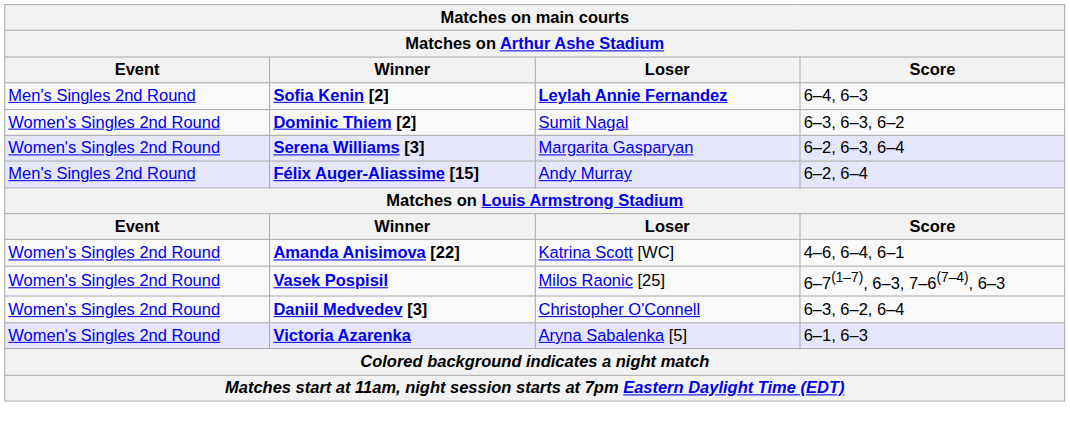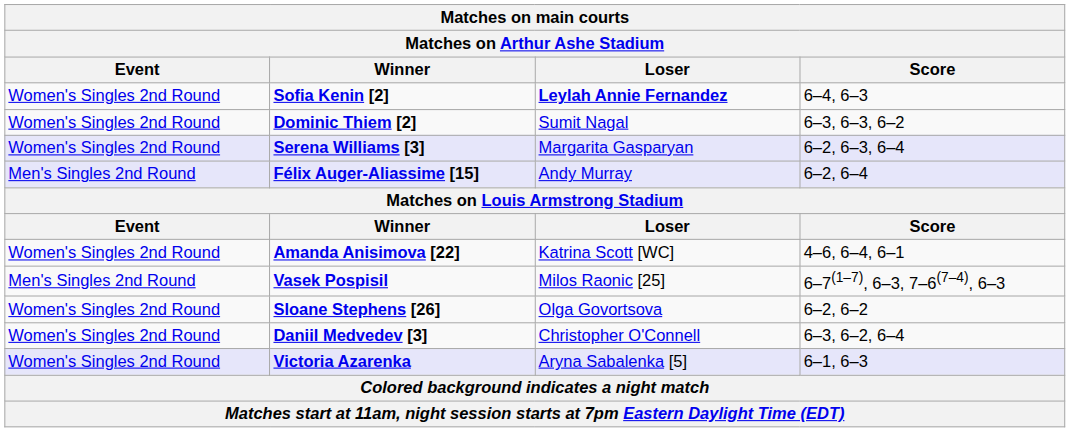 <table class="wikitable" style="margin:auto;">
 <tr>
 <th colspan="4" style="white-space:nowrap;">Matches on main courts</th>
 </tr>
 <tr>
 <th colspan="4"><strong>Matches on <a href='#'>Arthur Ashe Stadium</a></strong></th>
 </tr>
 <tr>
 <th width=250>Event</th>
 <th width=250>Winner</th>
 <th width=250>Loser</th>
 <th width=250>Score</th>
 </tr>
 <tr>
-<td><a href='#'>Men's Singles 2nd Round</a></td>
+<td><a href='#'>Women's Singles 2nd Round</a></td>
 <td><strong> <a href='#'>Sofia Kenin</a> [2]</strong></td>
 <td><strong> <a href='#'>Leylah Annie Fernandez</a></strong></td>
 <td>6–4, 6–3</td>
 </tr>
 <tr>
 <td><a href='#'>Women's Singles 2nd Round</a></td>
 <td><strong> <a href='#'>Dominic Thiem</a> [2]</strong></td>
 <td> <a href='#'>Sumit Nagal</a></td>
 <td>6–3, 6–3, 6–2</td>
 </tr>
 <tr bgcolor=lavender>
 <td><a href='#'>Women's Singles 2nd Round</a></td>
 <td><strong> <a href='#'>Serena Williams</a> [3]</strong></td>
 <td> <a href='#'>Margarita Gasparyan</a></td>
 <td>6–2, 6–3, 6–4</td>
 </tr>
 <tr bgcolor="lavender">
 <td><a href='#'>Men's Singles 2nd Round</a></td>
 <td><strong> <a href='#'>Félix Auger-Aliassime</a> [15]</strong></td>
 <td> <a href='#'>Andy Murray</a></td>
 <td>6–2, 6–4</td>
 </tr>
 <tr>
 <th colspan="4"><strong>Matches on <a href='#'>Louis Armstrong Stadium</a></strong></th>
 </tr>
 <tr>
 <th width=250>Event</th>
 <th width=250>Winner</th>
 <th width=250>Loser</th>
 <th width=250>Score</th>
 </tr>
 <tr>
 <td><a href='#'>Women's Singles 2nd Round</a></td>
 <td><strong> <a href='#'>Amanda Anisimova</a> [22]</strong></td>
 <td> <a href='#'>Katrina Scott</a> [WC]</td>
 <td>4–6, 6–4, 6–1</td>
 </tr>
 <tr>
-<td><a href='#'>Women's Singles 2nd Round</a></td>
+<td><a href='#'>Men's Singles 2nd Round</a></td>
 <td><strong> <a href='#'>Vasek Pospisil</a></strong></td>
 <td> <a href='#'>Milos Raonic</a> [25]</td>
 <td>6–7<sup>(1–7)</sup>, 6–3, 7–6<sup>(7–4)</sup>, 6–3</td>
+</tr>
+<tr>
+<td><a href='#'>Women's Singles 2nd Round</a></td>
+<td><strong> <a href='#'>Sloane Stephens</a> [26]</strong></td>
+<td> <a href='#'>Olga Govortsova</a></td>
+<td>6–2, 6–2</td>
 </tr>
 <tr>
 <td><a href='#'>Women's Singles 2nd Round</a></td>
 <td><strong> <a href='#'>Daniil Medvedev</a> [3]</strong></td>
 <td> <a href='#'>Christopher O'Connell</a></td>
 <td>6–3, 6–2, 6–4</td>
 </tr>
 <tr bgcolor="lavender">
 <td><a href='#'>Women's Singles 2nd Round</a></td>
 <td><strong> <a href='#'>Victoria Azarenka</a></strong></td>
 <td> <a href='#'>Aryna Sabalenka</a> [5]</td>
 <td>6–1, 6–3</td>
 </tr>
 <tr>
 <th colspan=4><em>Colored background indicates a night match</em></th>
 </tr>
 <tr>
 <th colspan=4><em>Matches start at 11am, night session starts at 7pm <a href='#'>Eastern Daylight Time (EDT)</a></em></th>
 </tr>
 </table>
